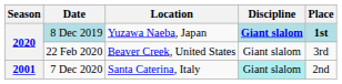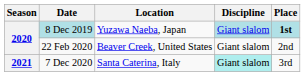 <table class="wikitable" style="font-size:95%; text-align:center;">
 <tr>
 <th>Season</th>
 <th>Date</th>
 <th>Location</th>
 <th>Discipline</th>
 <th>Place</th>
 </tr>
 <tr>
 <th rowspan="2"><strong><a href='#'>2020</a></strong></th>
 <td align="right" bgcolor="#BOEOE6">8 Dec 2019</td>
 <td align="left"> <a href='#'>Yuzawa Naeba</a>, Japan</td>
-<td bgcolor="#BOEOE6"><strong><a href='#'>Giant slalom</a></strong></td>
+<td bgcolor="#BOEOE6"><a href='#'>Giant slalom</a></td>
 <td bgcolor="#BOEOE6"><strong>1st</strong></td>
 </tr>
 <tr>
 <td align="right">22 Feb 2020</td>
 <td align="left"> <a href='#'>Beaver Creek</a>, United States</td>
 <td>Giant slalom</td>
-<td>3rd</td>
+<td>2nd</td>
 </tr>
 <tr>
-<th rowspan="1"><strong><a href='#'>2001</a></strong></th>
+<th rowspan="1"><strong><a href='#'>2021</a></strong></th>
 <td align=right>7 Dec 2020</td>
 <td align=left> <a href='#'>Santa Caterina</a>, Italy</td>
 <td style="background: paleturquoise;">Giant slalom</td>
-<td>2nd</td>
+<td>3rd</td>
 </tr>
 </table>
